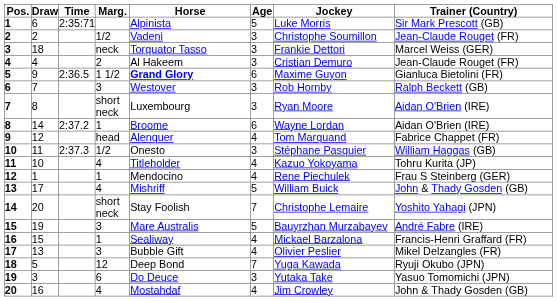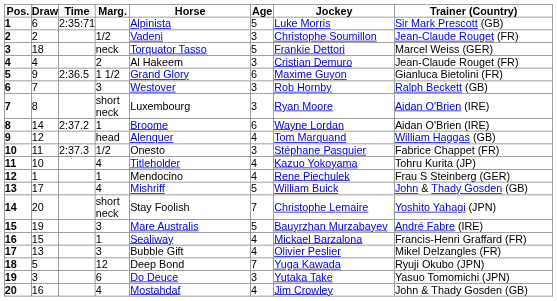 <table class="sortable" cellpadding="0" border="1" style="border-collapse: collapse; font-size:90%">
 <tr>
 <th style="width:35px;"><strong>Pos.</strong></th>
 <th>Draw</th>
 <th>Time</th>
 <th style="width:45px;"><strong>Marg.</strong></th>
 <th style="width:160px;"><strong>Horse</strong></th>
 <th style="width:30px;"><strong>Age</strong></th>
 <th style="width:160px;"><strong>Jockey</strong></th>
 <th style="width:210px;"><strong>Trainer (Country)</strong></th>
 </tr>
 <tr>
 <td><strong>1</strong></td>
 <td>6</td>
 <td>2:35:71</td>
 <td></td>
 <td><a href='#'>Alpinista</a></td>
 <td>5</td>
 <td><a href='#'>Luke Morris</a></td>
 <td><a href='#'>Sir Mark Prescott</a> (GB)</td>
 </tr>
 <tr>
 <td><strong>2</strong></td>
 <td>2</td>
 <td></td>
 <td>1/2</td>
 <td><a href='#'>Vadeni</a></td>
 <td>3</td>
 <td><a href='#'>Christophe Soumillon</a></td>
 <td><a href='#'>Jean-Claude Rouget</a> (FR)</td>
 </tr>
 <tr>
 <td><strong>3</strong></td>
 <td>18</td>
 <td></td>
 <td>neck</td>
 <td><a href='#'>Torquator Tasso</a></td>
-<td>3</td>
+<td>5</td>
 <td><a href='#'>Frankie Dettori</a></td>
 <td>Marcel Weiss (GER)</td>
 </tr>
 <tr>
 <td><strong>4</strong></td>
 <td>4</td>
 <td></td>
 <td>2</td>
 <td>Al Hakeem</td>
 <td>3</td>
 <td><a href='#'>Cristian Demuro</a></td>
 <td>Jean-Claude Rouget (FR)</td>
 </tr>
 <tr>
 <td><strong>5</strong></td>
 <td>9</td>
 <td>2:36.5</td>
 <td>1 1/2</td>
-<td><strong><a href='#'>Grand Glory</a></strong></td>
+<td><a href='#'>Grand Glory</a></td>
 <td>6</td>
 <td><a href='#'>Maxime Guyon</a></td>
 <td>Gianluca Bietolini (FR)</td>
 </tr>
 <tr>
 <td><strong>6</strong></td>
 <td>7</td>
 <td></td>
 <td>3</td>
 <td><a href='#'>Westover</a></td>
 <td>3</td>
 <td><a href='#'>Rob Hornby</a></td>
 <td><a href='#'>Ralph Beckett</a> (GB)</td>
 </tr>
 <tr>
 <td><strong>7</strong></td>
 <td>8</td>
 <td></td>
 <td>short neck</td>
 <td>Luxembourg</td>
 <td>3</td>
 <td><a href='#'>Ryan Moore</a></td>
 <td><a href='#'>Aidan O'Brien</a> (IRE)</td>
 </tr>
 <tr>
 <td><strong>8</strong></td>
 <td>14</td>
 <td>2:37.2</td>
 <td>1</td>
 <td><a href='#'>Broome</a></td>
 <td>6</td>
 <td><a href='#'>Wayne Lordan</a></td>
 <td>Aidan O'Brien (IRE)</td>
 </tr>
 <tr>
 <td><strong>9</strong></td>
 <td>12</td>
 <td></td>
 <td>head</td>
 <td><a href='#'>Alenquer</a></td>
 <td>4</td>
 <td><a href='#'>Tom Marquand</a></td>
-<td>Fabrice Chappet (FR)</td>
+<td><a href='#'>William Haggas</a> (GB)</td>
 </tr>
 <tr>
 <td><strong>10</strong></td>
 <td>11</td>
 <td>2:37.3</td>
 <td>1/2</td>
 <td>Onesto</td>
 <td>3</td>
 <td><a href='#'>Stéphane Pasquier</a></td>
-<td><a href='#'>William Haggas</a> (GB)</td>
+<td>Fabrice Chappet (FR)</td>
 </tr>
 <tr>
 <td><strong>11</strong></td>
 <td>10</td>
 <td></td>
 <td>4</td>
 <td><a href='#'>Titleholder</a></td>
 <td>4</td>
 <td><a href='#'>Kazuo Yokoyama</a></td>
 <td>Tohru Kurita (JP)</td>
 </tr>
 <tr>
 <td><strong>12</strong></td>
 <td>1</td>
 <td></td>
 <td>1</td>
 <td>Mendocino</td>
 <td>4</td>
 <td><a href='#'>Rene Piechulek</a></td>
 <td>Frau S Steinberg (GER)</td>
 </tr>
 <tr>
 <td><strong>13</strong></td>
 <td>17</td>
 <td></td>
 <td>4</td>
 <td><a href='#'>Mishriff</a></td>
 <td>5</td>
 <td><a href='#'>William Buick</a></td>
 <td><a href='#'>John</a> & <a href='#'>Thady Gosden</a> (GB)</td>
 </tr>
 <tr>
 <td><strong>14</strong></td>
 <td>20</td>
 <td></td>
 <td>short neck</td>
 <td>Stay Foolish</td>
 <td>7</td>
 <td><a href='#'>Christophe Lemaire</a></td>
 <td><a href='#'>Yoshito Yahagi</a> (JPN)</td>
 </tr>
 <tr>
 <td><strong>15</strong></td>
 <td>19</td>
 <td></td>
 <td>3</td>
 <td><a href='#'>Mare Australis</a></td>
 <td>5</td>
 <td><a href='#'>Bauyrzhan Murzabayev</a></td>
 <td><a href='#'>André Fabre</a> (IRE)</td>
 </tr>
 <tr>
 <td><strong>16</strong></td>
 <td>15</td>
 <td></td>
 <td>1</td>
 <td><a href='#'>Sealiway</a></td>
 <td>4</td>
 <td><a href='#'>Mickael Barzalona</a></td>
 <td>Francis-Henri Graffard (FR)</td>
 </tr>
 <tr>
 <td><strong>17</strong></td>
 <td>13</td>
 <td></td>
 <td>3</td>
 <td>Bubble Gift</td>
 <td>4</td>
 <td><a href='#'>Olivier Peslier</a></td>
 <td>Mikel Delzangles (FR)</td>
 </tr>
 <tr>
 <td><strong>18</strong></td>
 <td>5</td>
 <td></td>
 <td>12</td>
 <td>Deep Bond</td>
 <td>7</td>
 <td><a href='#'>Yuga Kawada</a></td>
 <td>Ryuji Okubo (JPN)</td>
 </tr>
 <tr>
 <td><strong>19</strong></td>
 <td>3</td>
 <td></td>
 <td>6</td>
 <td><a href='#'>Do Deuce</a></td>
 <td>3</td>
 <td><a href='#'>Yutaka Take</a></td>
 <td>Yasuo Tomomichi (JPN)</td>
 </tr>
 <tr>
 <td><strong>20</strong></td>
 <td>16</td>
 <td></td>
 <td>4</td>
 <td><a href='#'>Mostahdaf</a></td>
 <td>4</td>
 <td><a href='#'>Jim Crowley</a></td>
 <td>John & Thady Gosden (GB)</td>
 </tr>
 </table>
